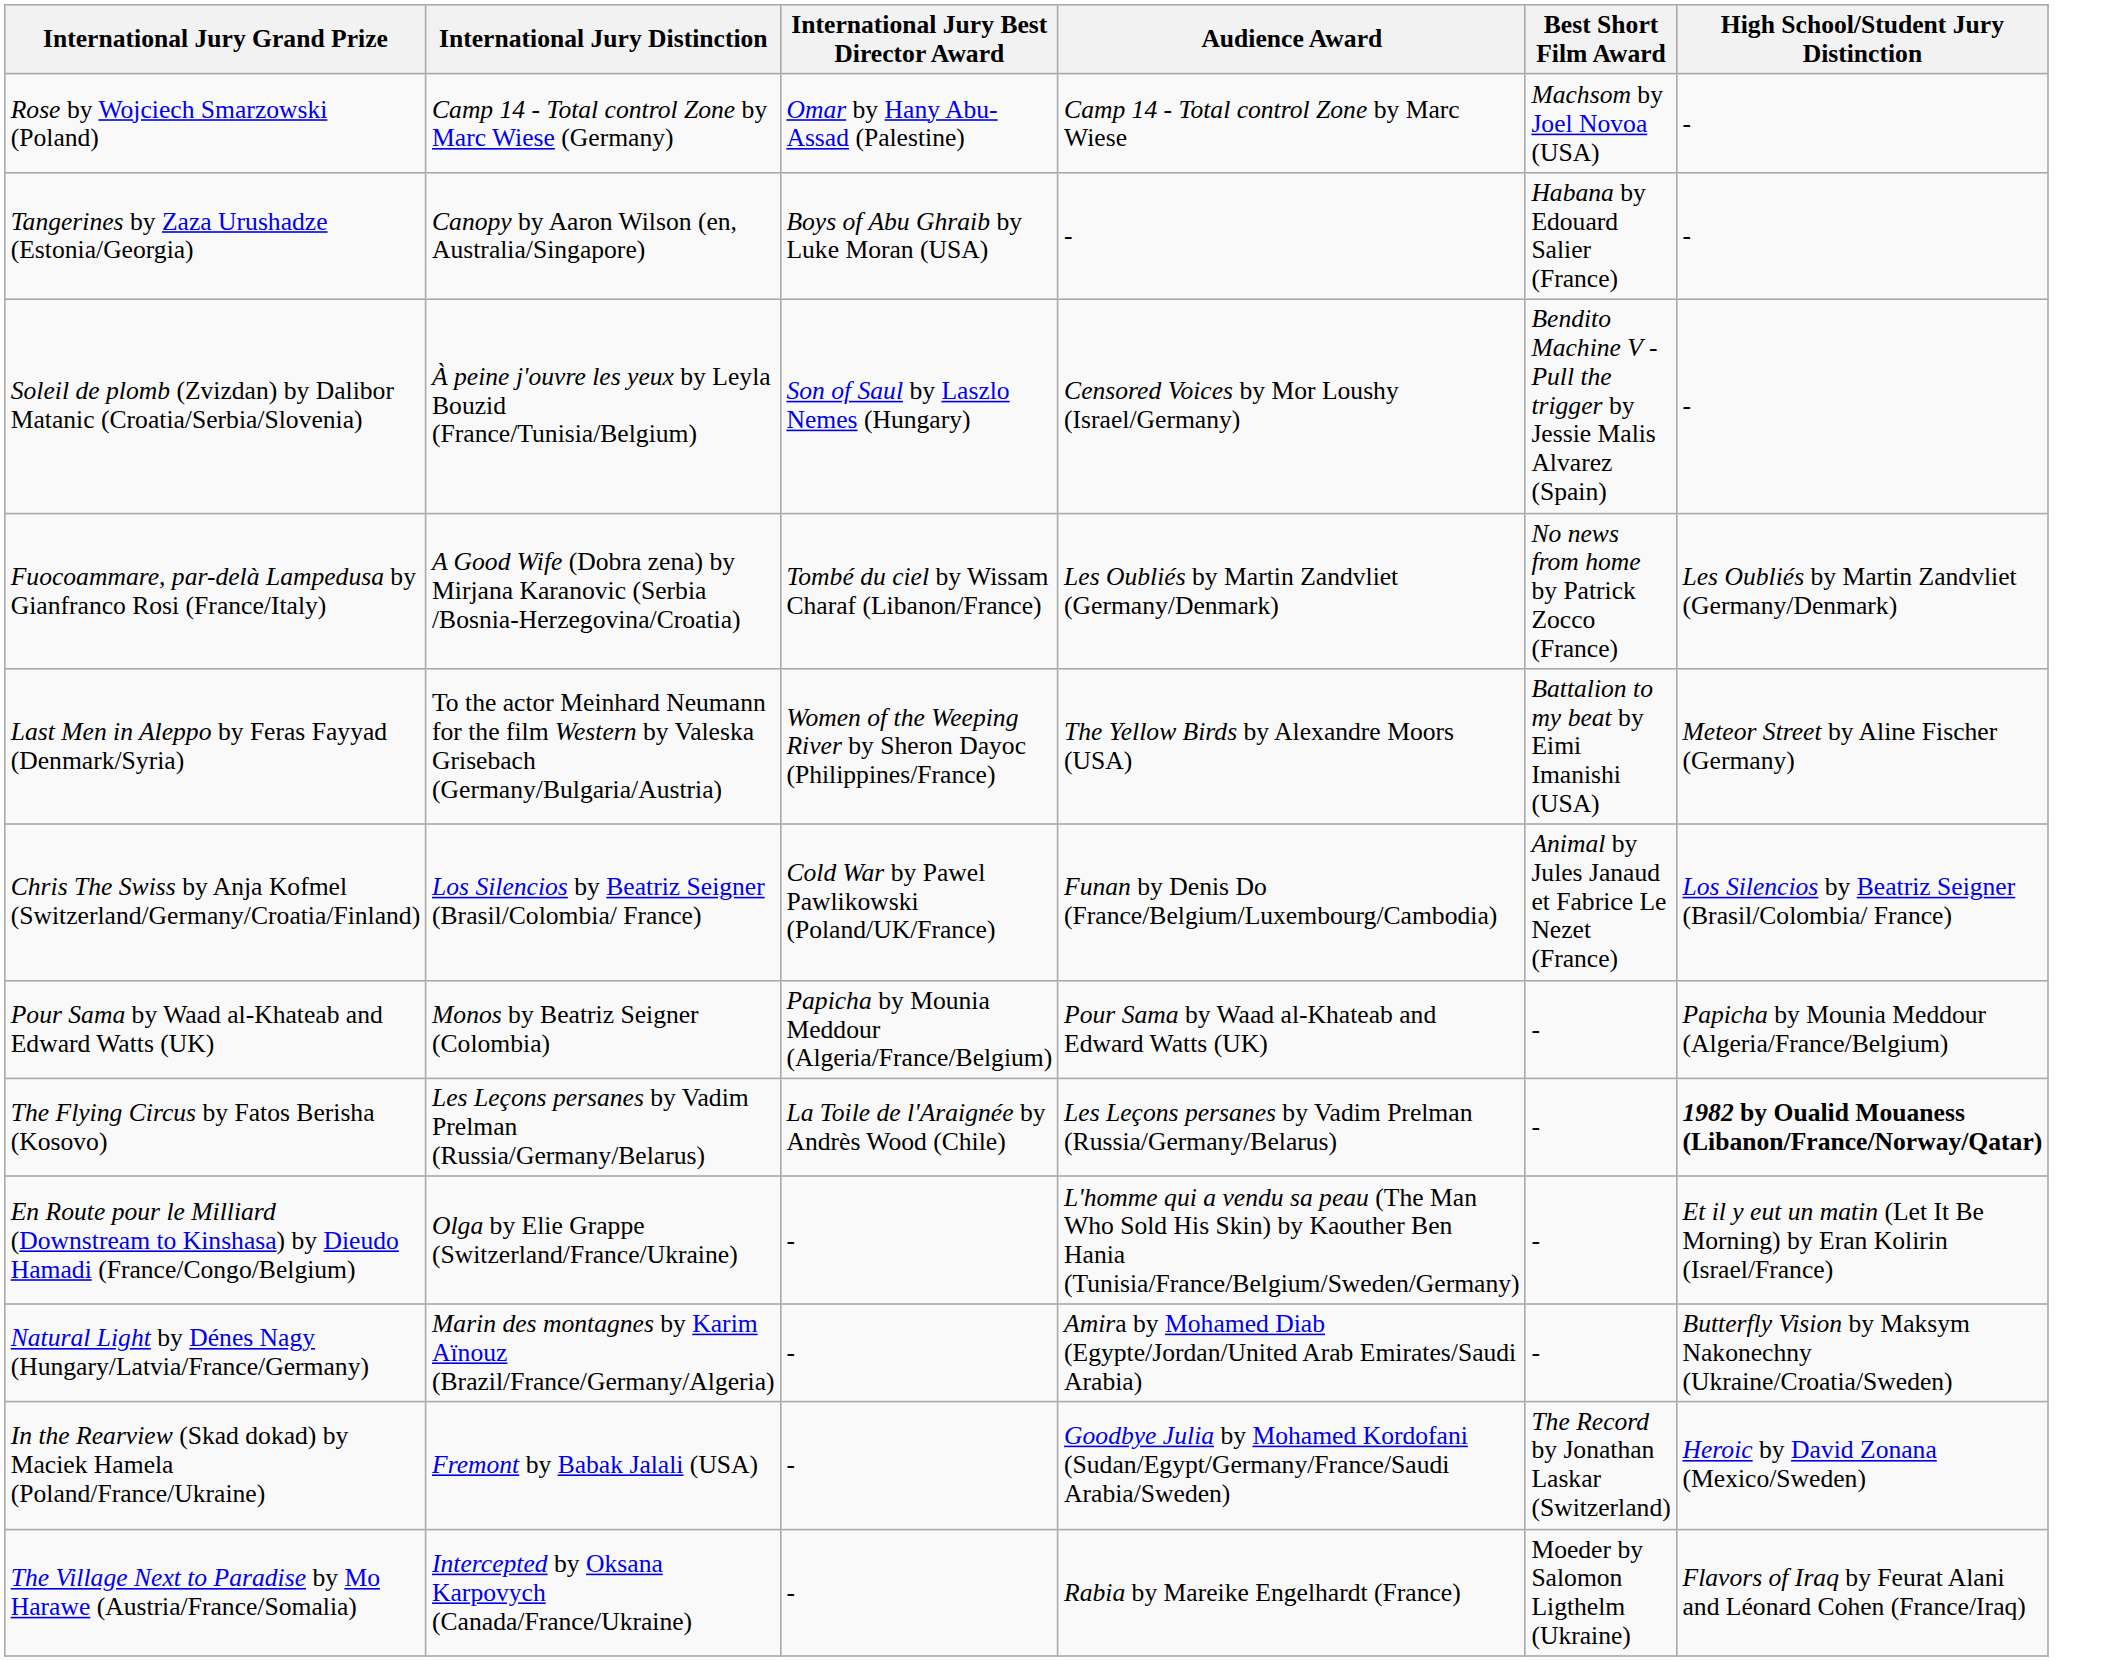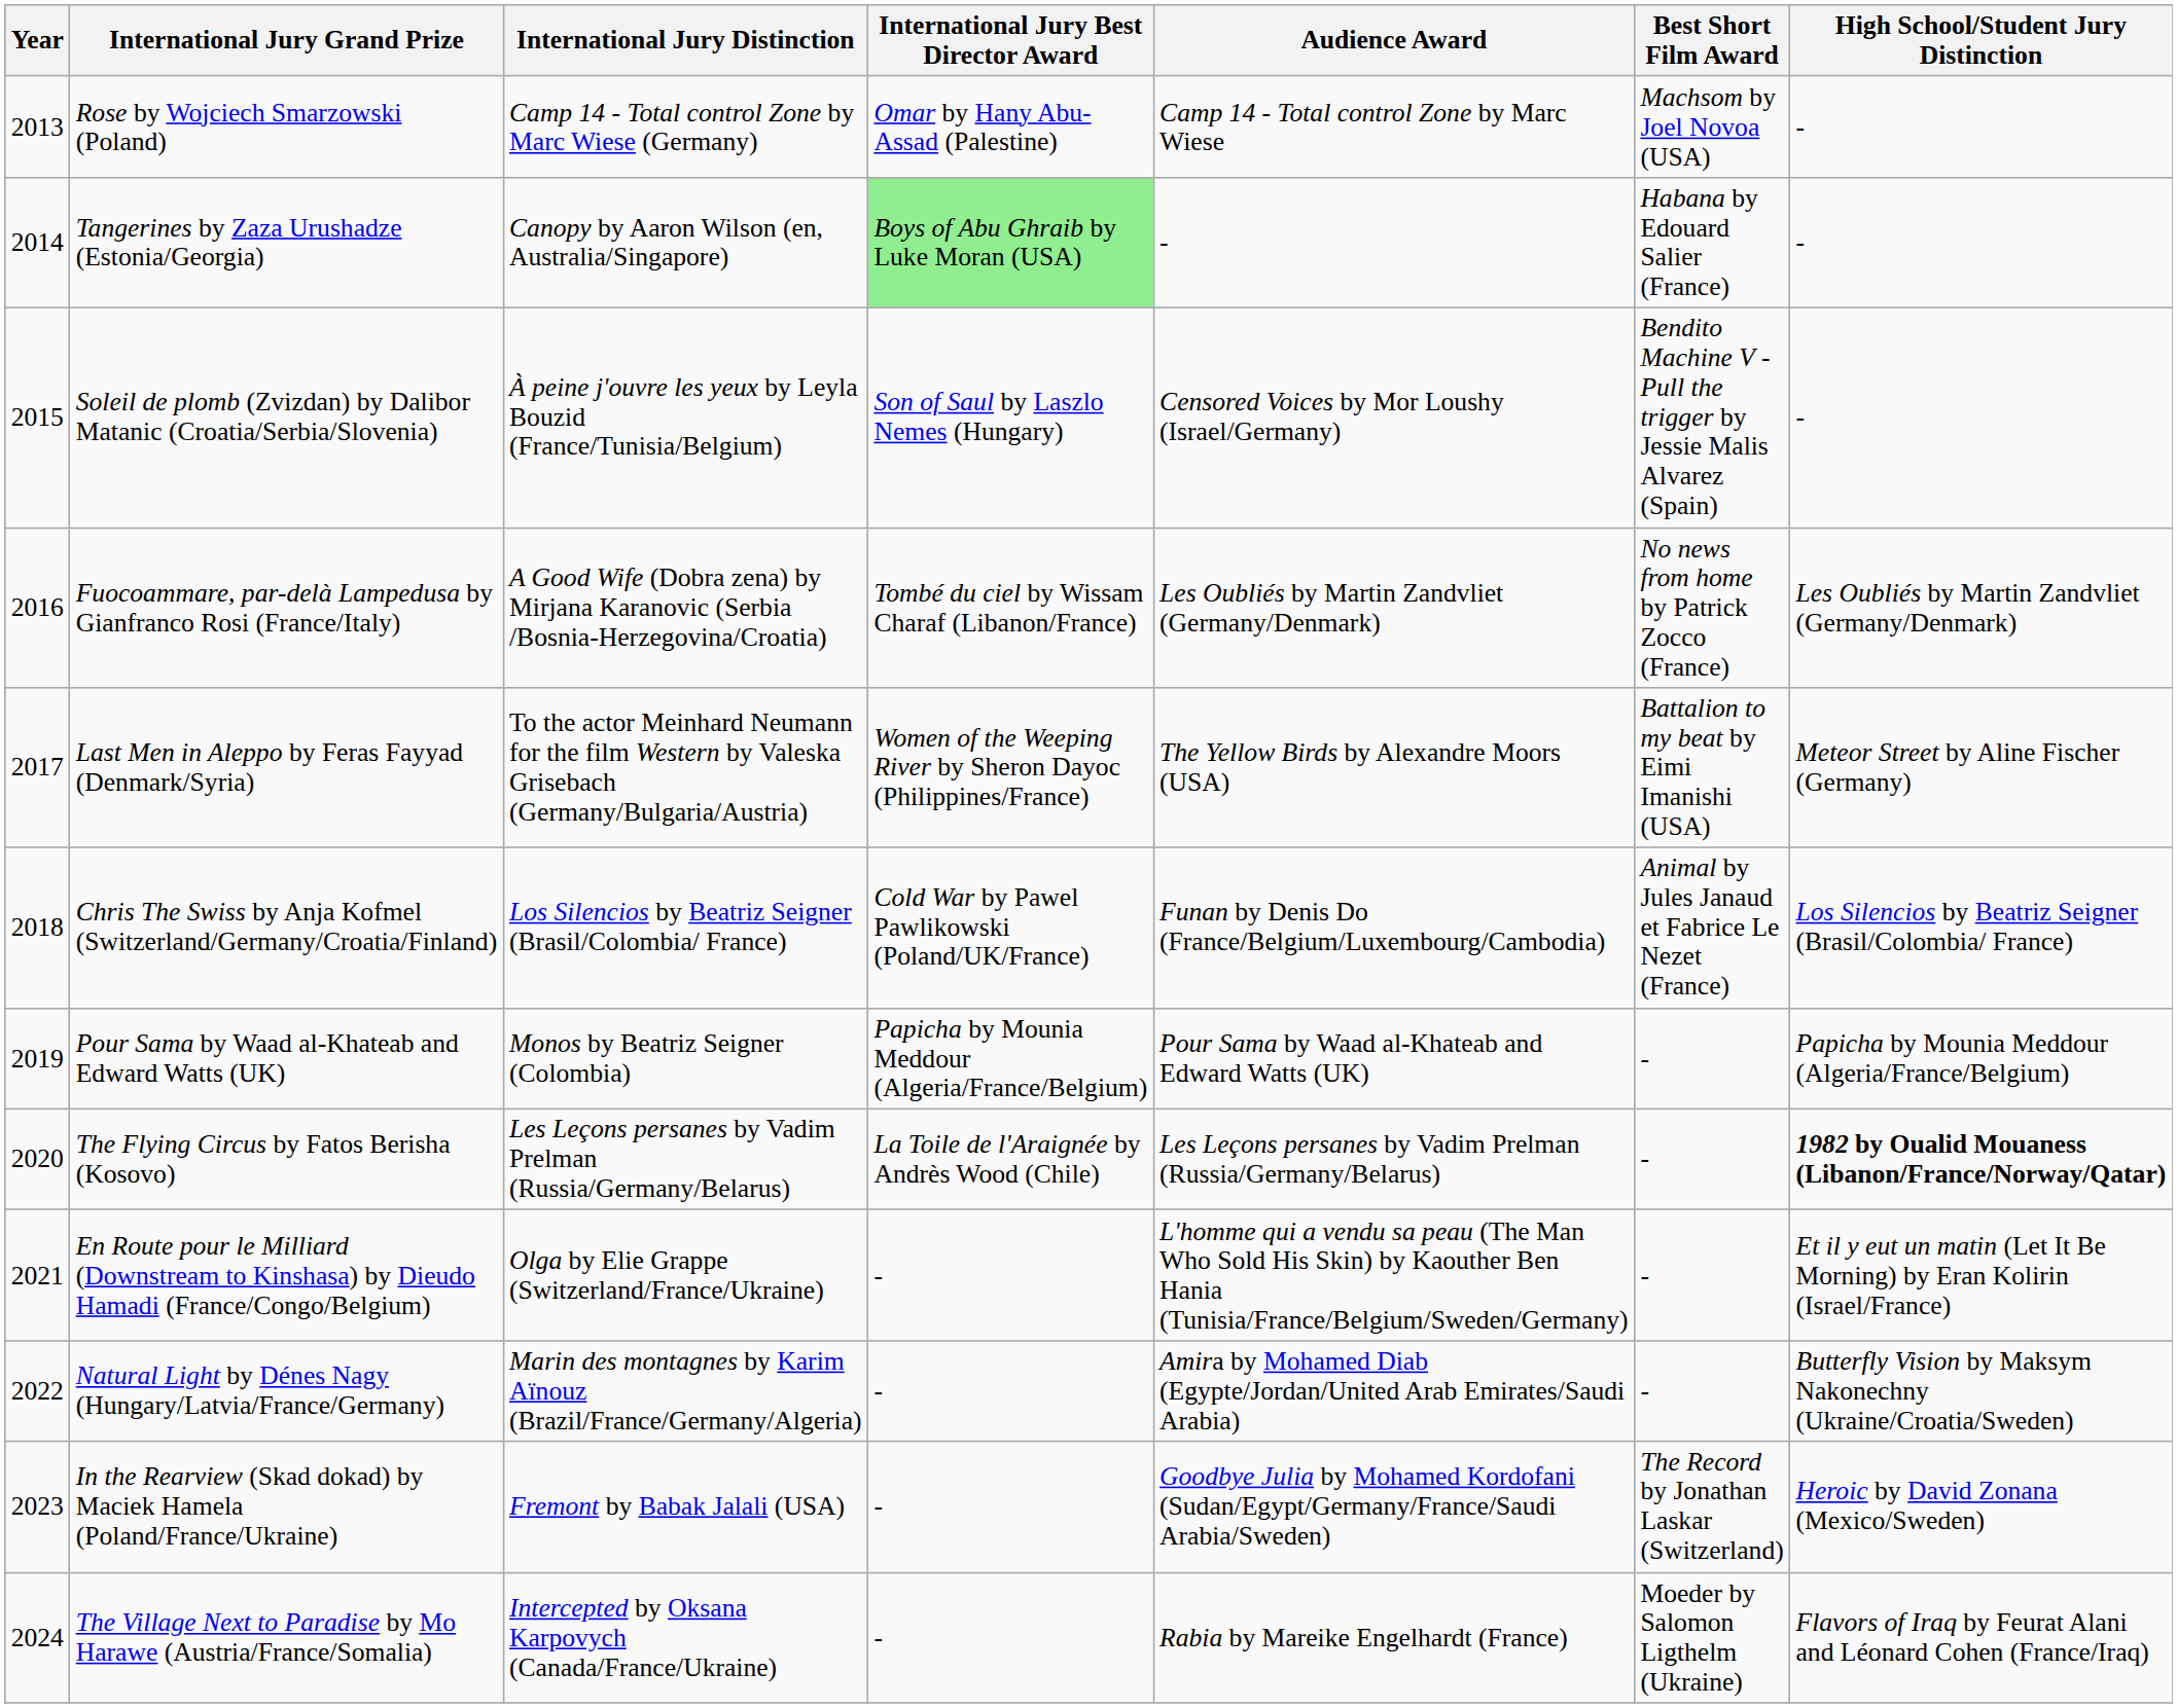 <table class="wikitable sortable">
 <tr>
+<th>Year</th>
 <th>International Jury Grand Prize</th>
 <th>International Jury Distinction</th>
 <th>International Jury Best Director Award</th>
 <th>Audience Award</th>
 <th>Best Short Film Award</th>
 <th>High School/Student Jury Distinction</th>
 </tr>
 <tr>
+<td>2013</td>
 <td><em>Rose</em> by <a href='#'>Wojciech Smarzowski</a> (Poland)</td>
 <td><em>Camp 14 - Total control Zone</em> by <a href='#'>Marc Wiese</a> (Germany)</td>
 <td><em><a href='#'>Omar</a></em> by <a href='#'>Hany Abu-Assad</a> (Palestine)</td>
 <td><em>Camp 14 - Total control Zone</em> by Marc Wiese</td>
 <td><em>Machsom</em> by <a href='#'>Joel Novoa</a> (USA)</td>
 <td>-</td>
 </tr>
 <tr>
+<td>2014</td>
 <td><em>Tangerines</em> by <a href='#'>Zaza Urushadze</a> (Estonia/Georgia)</td>
 <td><em>Canopy</em> by Aaron Wilson (en, Australia/Singapore)</td>
-<td><em>Boys of Abu Ghraib</em> by Luke Moran (USA)</td>
+<td style="background: lightgreen;"><em>Boys of Abu Ghraib</em> by Luke Moran (USA)</td>
 <td>-</td>
 <td><em>Habana</em> by Edouard Salier (France)</td>
 <td>-</td>
 </tr>
 <tr>
+<td>2015</td>
 <td><em>Soleil de plomb</em> (Zvizdan) by Dalibor Matanic (Croatia/Serbia/Slovenia)</td>
 <td><em>À peine j'ouvre les yeux</em> by Leyla Bouzid (France/Tunisia/Belgium)</td>
 <td><em><a href='#'>Son of Saul</a></em> by <a href='#'>Laszlo Nemes</a> (Hungary)</td>
 <td><em>Censored Voices</em> by Mor Loushy (Israel/Germany)</td>
 <td><em>Bendito Machine V - Pull the trigger</em> by Jessie Malis Alvarez (Spain)</td>
 <td>-</td>
 </tr>
 <tr>
+<td>2016</td>
 <td><em>Fuocoammare, par-delà Lampedusa</em> by Gianfranco Rosi (France/Italy)</td>
 <td><em>A Good Wife</em> (Dobra zena) by Mirjana Karanovic (Serbia /Bosnia-Herzegovina/Croatia)</td>
 <td><em>Tombé du ciel</em> by Wissam Charaf (Libanon/France)</td>
 <td><em>Les Oubliés</em> by Martin Zandvliet (Germany/Denmark)</td>
 <td><em>No news from home</em> by Patrick Zocco (France)</td>
 <td><em>Les Oubliés</em> by Martin Zandvliet (Germany/Denmark)</td>
 </tr>
 <tr>
+<td>2017</td>
 <td><em>Last Men in Aleppo</em> by Feras Fayyad (Denmark/Syria)</td>
 <td>To the actor Meinhard Neumann for the film <em>Western</em> by Valeska Grisebach (Germany/Bulgaria/Austria)</td>
 <td><em>Women of the Weeping River</em> by Sheron Dayoc (Philippines/France)</td>
 <td><em>The Yellow Birds</em> by Alexandre Moors (USA)</td>
 <td><em>Battalion to my beat</em> by Eimi Imanishi (USA)</td>
 <td><em>Meteor Street</em> by Aline Fischer (Germany)</td>
 </tr>
 <tr>
+<td>2018</td>
 <td><em>Chris The Swiss</em> by Anja Kofmel (Switzerland/Germany/Croatia/Finland)</td>
 <td><em><a href='#'>Los Silencios</a></em> by <a href='#'>Beatriz Seigner</a> (Brasil/Colombia/ France)</td>
 <td><em>Cold War</em> by Pawel Pawlikowski (Poland/UK/France)</td>
 <td><em>Funan</em> by Denis Do (France/Belgium/Luxembourg/Cambodia)</td>
 <td><em>Animal</em> by Jules Janaud et Fabrice Le Nezet (France)</td>
 <td><em><a href='#'>Los Silencios</a></em> by <a href='#'>Beatriz Seigner</a> (Brasil/Colombia/ France)</td>
 </tr>
 <tr>
+<td>2019</td>
 <td><em>Pour Sama</em> by Waad al-Khateab and Edward Watts (UK)</td>
 <td><em>Monos</em> by Beatriz Seigner (Colombia)</td>
 <td><em>Papicha</em> by Mounia Meddour (Algeria/France/Belgium)</td>
 <td><em>Pour Sama</em> by Waad al-Khateab and Edward Watts (UK)</td>
 <td>-</td>
 <td><em>Papicha</em> by Mounia Meddour (Algeria/France/Belgium)</td>
 </tr>
 <tr>
+<td>2020</td>
 <td><em>The Flying Circus</em> by Fatos Berisha (Kosovo)</td>
 <td><em>Les Leçons persanes</em> by Vadim Prelman (Russia/Germany/Belarus)</td>
 <td><em>La Toile de l'Araignée</em> by Andrès Wood (Chile)</td>
 <td><em>Les Leçons persanes</em> by Vadim Prelman (Russia/Germany/Belarus)</td>
 <td>-</td>
 <td><strong><em>1982</em> by Oualid Mouaness (Libanon/France/Norway/Qatar)</strong></td>
 </tr>
 <tr>
+<td>2021</td>
 <td><em>En Route pour le Milliard</em> (<a href='#'>Downstream to Kinshasa</a>) by <a href='#'>Dieudo Hamadi</a> (France/Congo/Belgium)</td>
 <td><em>Olga</em> by Elie Grappe (Switzerland/France/Ukraine)</td>
 <td>-</td>
 <td><em>L'homme qui a vendu sa peau</em> (The Man Who Sold His Skin) by Kaouther Ben Hania (Tunisia/France/Belgium/Sweden/Germany)</td>
 <td>-</td>
 <td><em>Et il y eut un matin</em> (Let It Be Morning) by Eran Kolirin (Israel/France)</td>
 </tr>
 <tr>
+<td>2022</td>
 <td><em><a href='#'>Natural Light</a></em> by <a href='#'>Dénes Nagy</a> (Hungary/Latvia/France/Germany)</td>
 <td><em>Marin des montagnes</em> by <a href='#'>Karim Aïnouz</a> (Brazil/France/Germany/Algeria)</td>
 <td>-</td>
 <td><em>Amir</em>a by <a href='#'>Mohamed Diab</a> (Egypte/Jordan/United Arab Emirates/Saudi Arabia)</td>
 <td>-</td>
 <td><em>Butterfly Vision</em> by Maksym Nakonechny (Ukraine/Croatia/Sweden)</td>
 </tr>
 <tr>
+<td>2023</td>
 <td><em>In the Rearview</em> (Skad dokad) by Maciek Hamela (Poland/France/Ukraine)</td>
 <td><em><a href='#'>Fremont</a></em> by <a href='#'>Babak Jalali</a> (USA)</td>
 <td>-</td>
 <td><em><a href='#'>Goodbye Julia</a></em> by <a href='#'>Mohamed Kordofani</a> (Sudan/Egypt/Germany/France/Saudi Arabia/Sweden)</td>
 <td><em>The Record</em> by Jonathan Laskar (Switzerland)</td>
 <td><em><a href='#'>Heroic</a></em> by <a href='#'>David Zonana</a> (Mexico/Sweden)</td>
 </tr>
 <tr>
+<td>2024</td>
 <td><em><a href='#'>The Village Next to Paradise</a></em> by <a href='#'>Mo Harawe</a> (Austria/France/Somalia)</td>
 <td><em><a href='#'>Intercepted</a></em> by <a href='#'>Oksana Karpovych</a> (Canada/France/Ukraine)</td>
 <td>-</td>
 <td><em>Rabia</em> by Mareike Engelhardt (France)</td>
 <td>Moeder by Salomon Ligthelm (Ukraine)</td>
 <td><em>Flavors of Iraq</em> by Feurat Alani and Léonard Cohen (France/Iraq)</td>
 </tr>
 </table>
